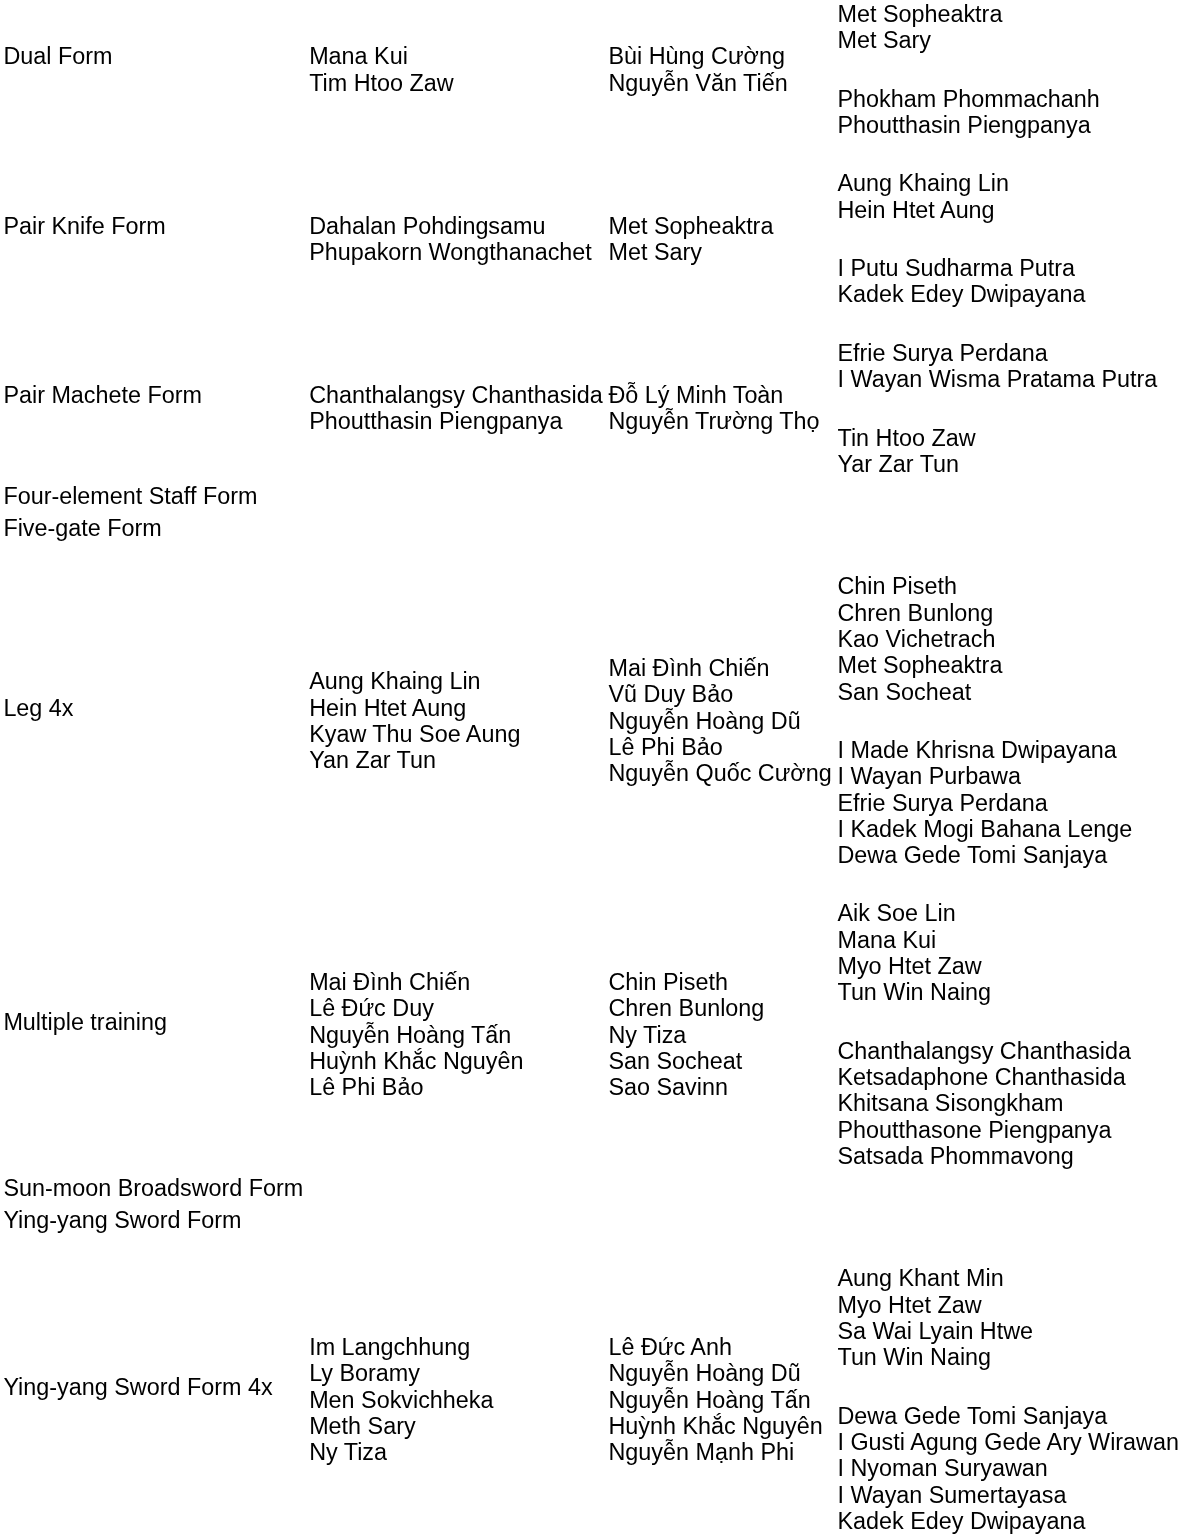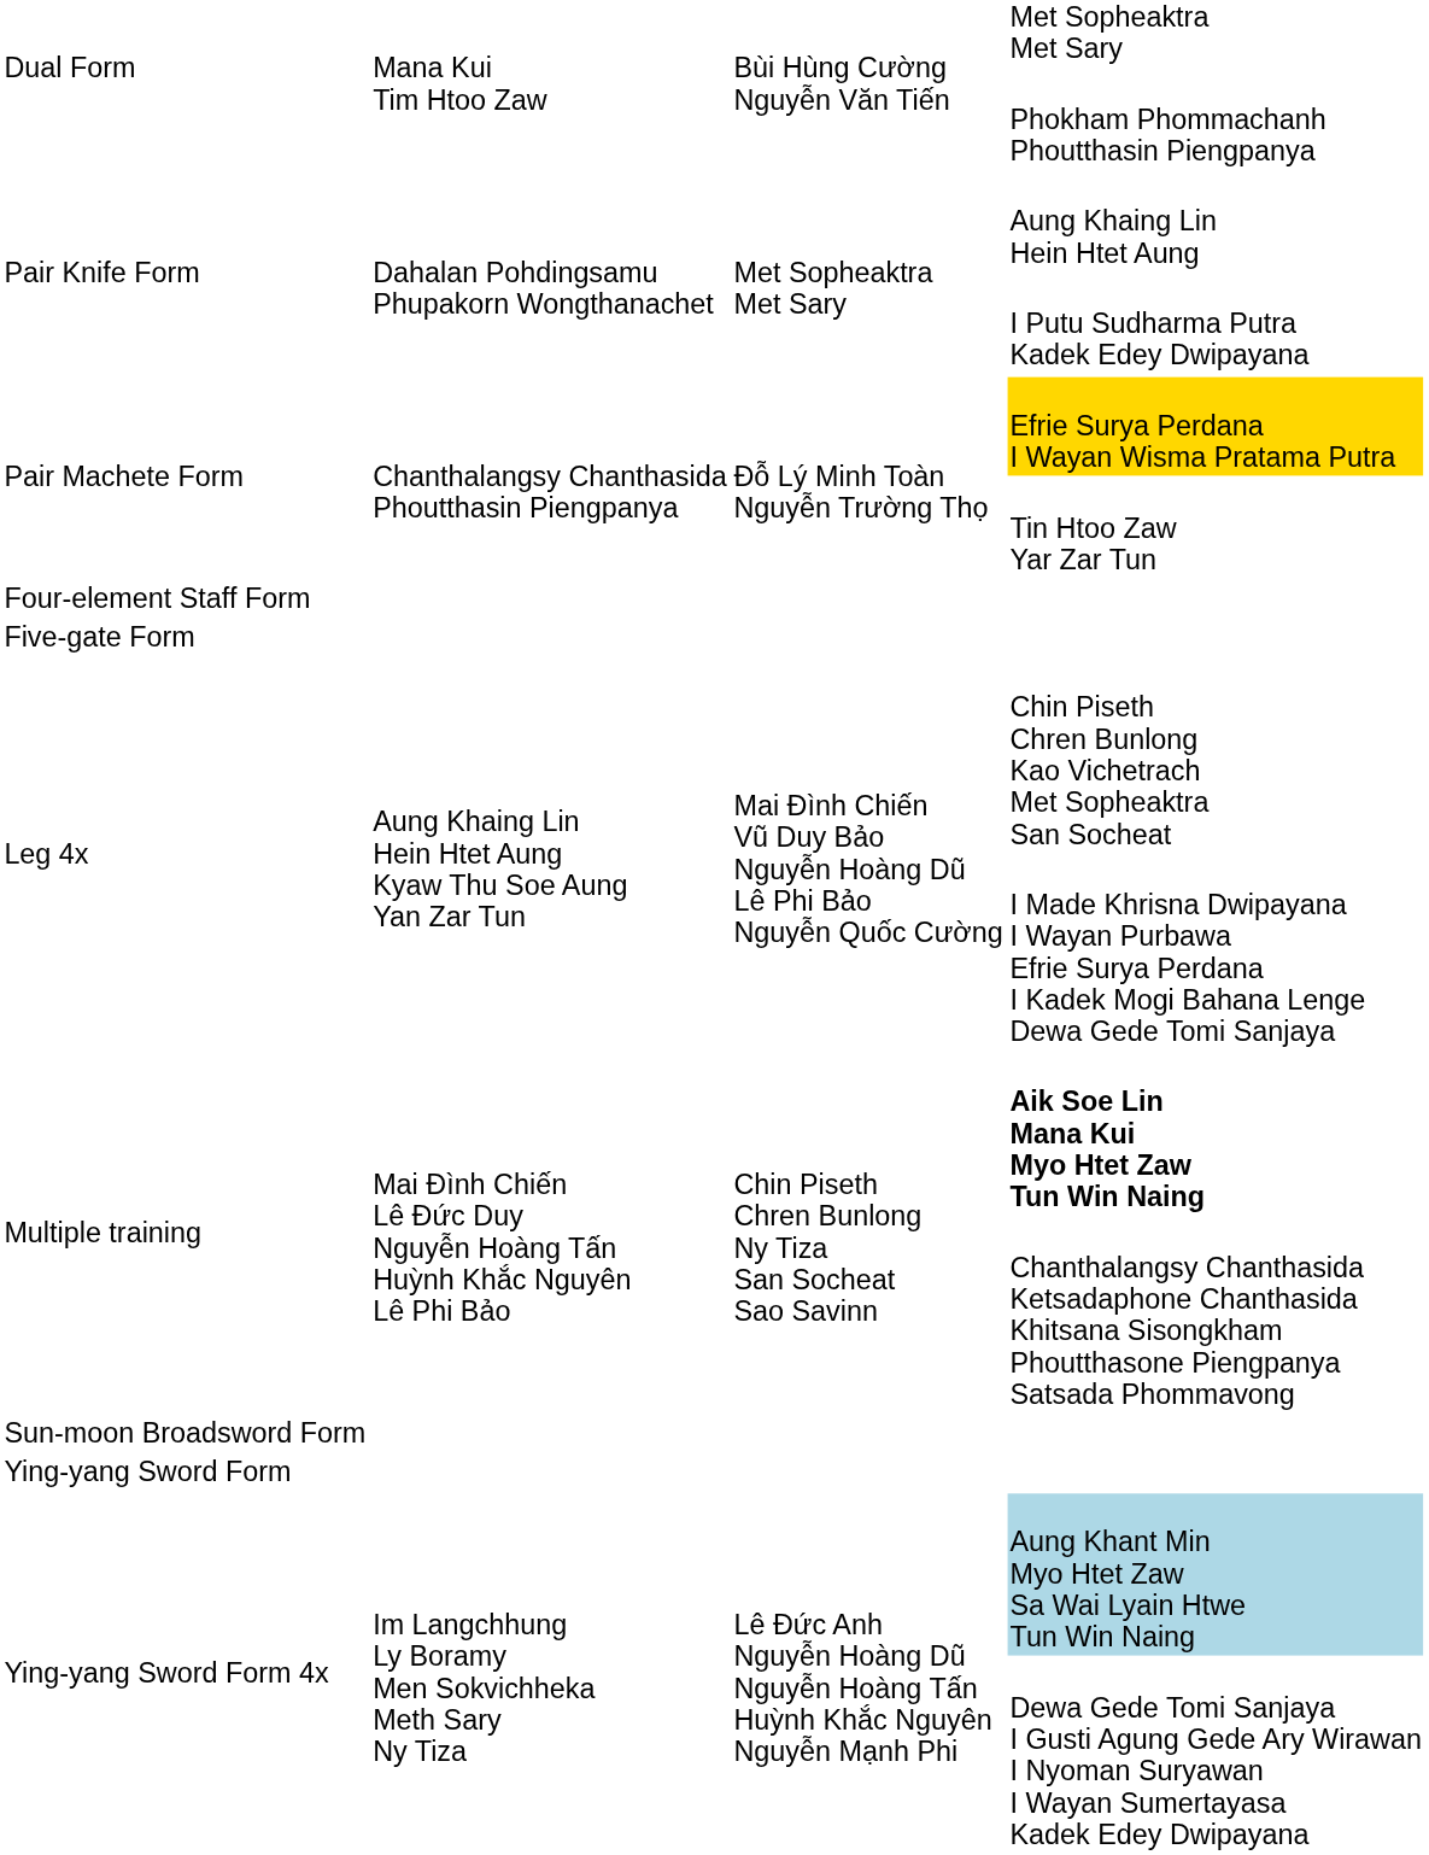 <table>
 <tr>
 <td rowspan=2>Dual Form</td>
 <td rowspan=2><br>Mana Kui<br>Tim Htoo Zaw</td>
 <td rowspan=2><br>Bùi Hùng Cường<br>Nguyễn Văn Tiến</td>
 <td><br>Met Sopheaktra<br>Met Sary</td>
 </tr>
 <tr>
 <td><br>Phokham Phommachanh<br>Phoutthasin Piengpanya</td>
 </tr>
 <tr>
 <td rowspan=2>Pair Knife Form</td>
 <td rowspan=2><br>Dahalan Pohdingsamu<br>Phupakorn Wongthanachet</td>
 <td rowspan=2><br>Met Sopheaktra<br>Met Sary</td>
 <td><br>Aung Khaing Lin<br>Hein Htet Aung</td>
 </tr>
 <tr>
 <td><br>I Putu Sudharma Putra<br>Kadek Edey Dwipayana</td>
 </tr>
 <tr>
 <td rowspan=2>Pair Machete Form</td>
 <td rowspan=2 nowrap><br>Chanthalangsy Chanthasida<br>Phoutthasin Piengpanya</td>
 <td rowspan=2><br>Đỗ Lý Minh Toàn<br>Nguyễn Trường Thọ</td>
-<td><br>Efrie Surya Perdana<br>I Wayan Wisma Pratama Putra</td>
+<td style="background: gold;"><br>Efrie Surya Perdana<br>I Wayan Wisma Pratama Putra</td>
 </tr>
 <tr>
 <td><br>Tin Htoo Zaw<br>Yar Zar Tun</td>
 </tr>
 <tr>
 <td rowspan=2>Four-element Staff Form</td>
 <td rowspan=2></td>
 <td rowspan=2></td>
 <td></td>
 </tr>
 <tr>
 <td></td>
 </tr>
 <tr>
 <td rowspan=2>Five-gate Form</td>
 <td rowspan=2></td>
 <td rowspan=2></td>
 <td></td>
 </tr>
 <tr>
 <td></td>
 </tr>
 <tr>
 <td rowspan=2>Leg 4x</td>
 <td rowspan=2><br>Aung Khaing Lin<br>Hein Htet Aung<br>Kyaw Thu Soe Aung<br>Yan Zar Tun</td>
 <td rowspan=2 nowrap><br>Mai Đình Chiến<br>Vũ Duy Bảo<br>Nguyễn Hoàng Dũ<br>Lê Phi Bảo<br>Nguyễn Quốc Cường</td>
 <td><br>Chin Piseth<br>Chren Bunlong<br>Kao Vichetrach<br>Met Sopheaktra<br>San Socheat</td>
 </tr>
 <tr>
 <td><br>I Made Khrisna Dwipayana<br>I Wayan Purbawa<br>Efrie Surya Perdana<br>I Kadek Mogi Bahana Lenge<br>Dewa Gede Tomi Sanjaya</td>
 </tr>
 <tr>
 <td rowspan=2>Multiple training</td>
 <td rowspan=2><br>Mai Đình Chiến<br>Lê Đức Duy<br>Nguyễn Hoàng Tấn<br>Huỳnh Khắc Nguyên<br>Lê Phi Bảo</td>
 <td rowspan=2><br>Chin Piseth<br>Chren Bunlong<br>Ny Tiza<br>San Socheat<br>Sao Savinn</td>
-<td><br>Aik Soe Lin<br>Mana Kui<br>Myo Htet Zaw<br>Tun Win Naing</td>
+<td><strong><br>Aik Soe Lin<br>Mana Kui<br>Myo Htet Zaw<br>Tun Win Naing</strong></td>
 </tr>
 <tr>
 <td><br>Chanthalangsy Chanthasida<br>Ketsadaphone Chanthasida<br>Khitsana Sisongkham<br>Phoutthasone Piengpanya<br>Satsada Phommavong</td>
 </tr>
 <tr>
 <td rowspan=2>Sun-moon Broadsword Form</td>
 <td rowspan=2></td>
 <td rowspan=2></td>
 <td></td>
 </tr>
 <tr>
 <td></td>
 </tr>
 <tr>
 <td rowspan=2>Ying-yang Sword Form</td>
 <td rowspan=2></td>
 <td rowspan=2></td>
 <td></td>
 </tr>
 <tr>
 <td nowrap></td>
 </tr>
 <tr>
 <td rowspan=2>Ying-yang Sword Form 4x</td>
 <td rowspan=2><br>Im Langchhung<br>Ly Boramy<br>Men Sokvichheka<br>Meth Sary<br>Ny Tiza</td>
 <td rowspan=2><br>Lê Đức Anh<br>Nguyễn Hoàng Dũ<br>Nguyễn Hoàng Tấn<br>Huỳnh Khắc Nguyên<br>Nguyễn Mạnh Phi</td>
-<td><br>Aung Khant Min<br>Myo Htet Zaw<br>Sa Wai Lyain Htwe<br>Tun Win Naing</td>
+<td style="background: lightblue;"><br>Aung Khant Min<br>Myo Htet Zaw<br>Sa Wai Lyain Htwe<br>Tun Win Naing</td>
 </tr>
 <tr>
 <td><br>Dewa Gede Tomi Sanjaya<br>I Gusti Agung Gede Ary Wirawan<br>I Nyoman Suryawan<br>I Wayan Sumertayasa<br>Kadek Edey Dwipayana</td>
 </tr>
 </table>
